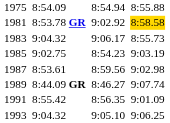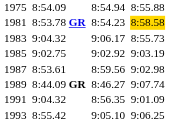 <table>
 <tr>
 <td>1975</td>
 <td></td>
 <td>8:54.09</td>
 <td></td>
 <td>8:54.94</td>
 <td></td>
 <td>8:55.88</td>
 </tr>
 <tr>
 <td>1981</td>
 <td></td>
 <td>8:53.78 <strong><a href='#'>GR</a></strong></td>
 <td></td>
-<td>9:02.92</td>
+<td>8:54.23</td>
 <td></td>
 <td style="background: gold;">8:58.58</td>
 </tr>
 <tr>
 <td>1983</td>
 <td></td>
 <td>9:04.32</td>
 <td></td>
 <td>9:06.17</td>
 <td></td>
 <td>8:55.73</td>
 </tr>
 <tr>
 <td>1985</td>
 <td></td>
 <td>9:02.75</td>
 <td></td>
-<td>8:54.23</td>
+<td>9:02.92</td>
 <td></td>
 <td>9:03.19</td>
 </tr>
 <tr>
 <td>1987</td>
 <td></td>
 <td>8:53.61</td>
 <td></td>
 <td>8:59.56</td>
 <td></td>
 <td>9:02.98</td>
 </tr>
 <tr>
 <td>1989</td>
 <td></td>
 <td>8:44.09 <strong>GR</strong></td>
 <td></td>
 <td>8:46.27</td>
 <td></td>
 <td>9:07.74</td>
 </tr>
 <tr>
 <td>1991</td>
 <td></td>
-<td>8:55.42</td>
+<td>9:04.32</td>
 <td></td>
 <td>8:56.35</td>
 <td></td>
 <td>9:01.09</td>
 </tr>
 <tr>
 <td>1993</td>
 <td></td>
-<td>9:04.32</td>
+<td>8:55.42</td>
 <td></td>
 <td>9:05.10</td>
 <td></td>
 <td>9:06.25</td>
 </tr>
 </table>
